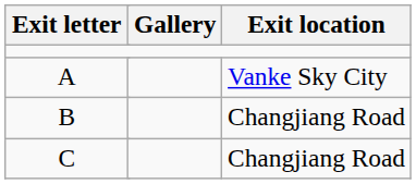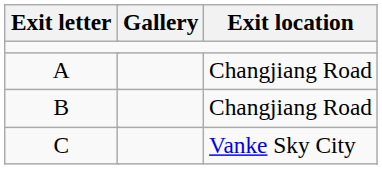 <table class="wikitable">
 <tr>
 <th colspan=2 style="width:70px">Exit letter</th>
 <th>Gallery</th>
 <th>Exit location</th>
 </tr>
 <tr style="background:#">
 <td colspan="4"></td>
 </tr>
 <tr>
 <td colspan=2 align=center>A</td>
 <td></td>
-<td><a href='#'>Vanke</a> Sky City</td>
+<td>Changjiang Road</td>
 </tr>
 <tr>
 <td colspan=2 align=center>B</td>
 <td></td>
 <td>Changjiang Road</td>
 </tr>
 <tr>
 <td colspan=2 align=center>C</td>
 <td></td>
-<td>Changjiang Road</td>
+<td><a href='#'>Vanke</a> Sky City</td>
 </tr>
 </table>
